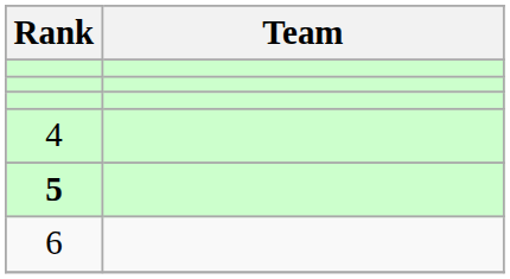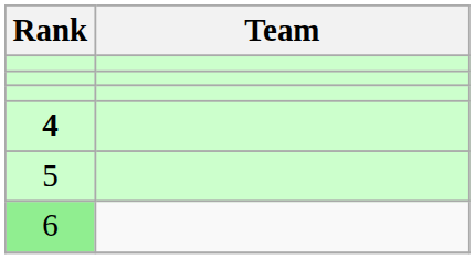 <table class=wikitable style="text-align:center;">
 <tr>
 <th>Rank</th>
 <th width=180>Team</th>
 </tr>
 <tr bgcolor=#CCFFCC>
 <td></td>
 <td align=left></td>
 </tr>
 <tr bgcolor=#CCFFCC>
 <td></td>
 <td align=left></td>
 </tr>
 <tr bgcolor=#CCFFCC>
 <td></td>
 <td align=left></td>
 </tr>
 <tr bgcolor=#CCFFCC>
-<td>4</td>
+<td><strong>4</strong></td>
 <td align=left></td>
 </tr>
 <tr bgcolor=#CCFFCC>
-<td><strong>5</strong></td>
+<td>5</td>
 <td align=left></td>
 </tr>
 <tr>
-<td>6</td>
+<td style="background: lightgreen;">6</td>
 <td align=left></td>
 </tr>
 <tr>
 </tr>
 </table>
